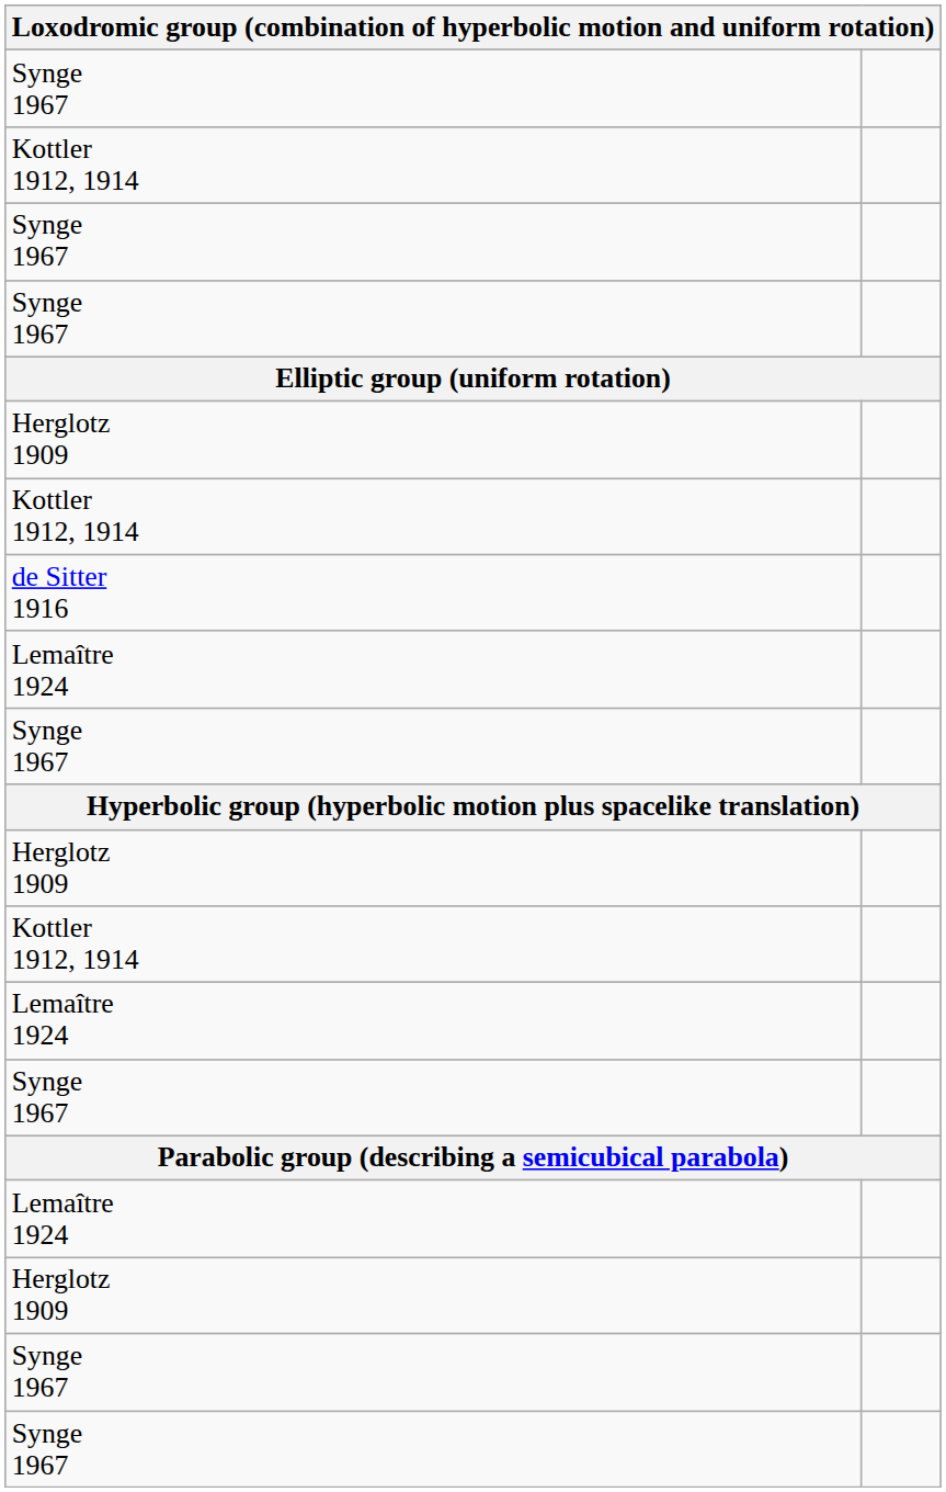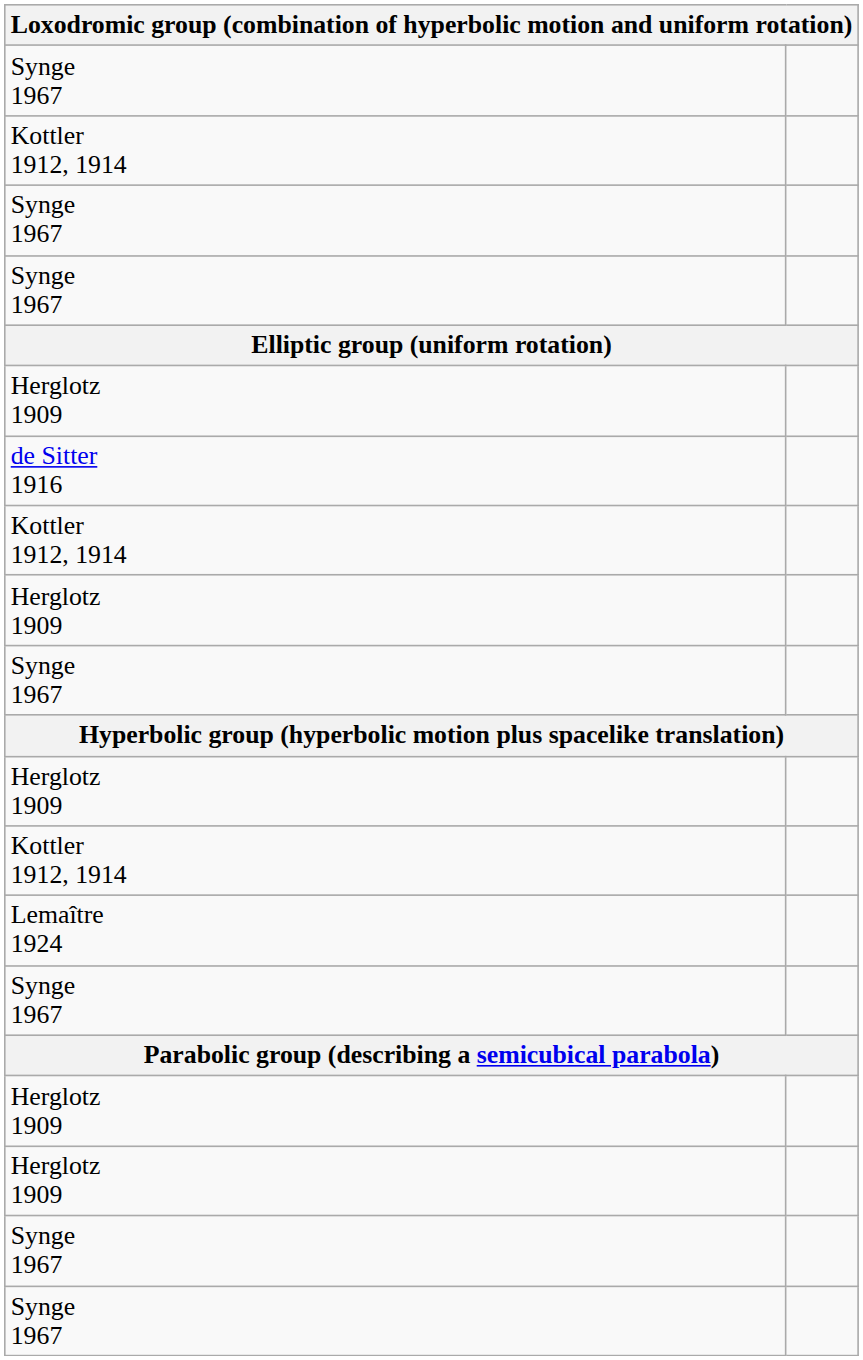 <table class="wikitable">
 <tr>
 <th colspan="2">Loxodromic group (combination of hyperbolic motion and uniform rotation)</th>
 </tr>
 <tr>
 <td>Synge<br>1967</td>
 <td></td>
 </tr>
 <tr>
 <td>Kottler<br>1912, 1914</td>
 <td></td>
 </tr>
 <tr>
 <td>Synge<br>1967</td>
 <td></td>
 </tr>
 <tr>
 <td>Synge<br>1967</td>
 <td></td>
 </tr>
 <tr>
 <th colspan="2">Elliptic group (uniform rotation)</th>
 </tr>
 <tr>
 <td>Herglotz<br>1909</td>
 <td></td>
 </tr>
 <tr>
+<td><a href='#'>de Sitter</a><br>1916</td>
+<td></td>
+</tr>
+<tr>
 <td>Kottler<br>1912, 1914</td>
 <td></td>
 </tr>
 <tr>
-<td><a href='#'>de Sitter</a><br>1916</td>
-<td></td>
-</tr>
-<tr>
-<td>Lemaître<br>1924</td>
+<td>Herglotz<br>1909</td>
 <td></td>
 </tr>
 <tr>
 <td>Synge<br>1967</td>
 <td></td>
 </tr>
 <tr>
 <th colspan="2">Hyperbolic group (hyperbolic motion plus spacelike translation)</th>
 </tr>
 <tr>
 <td>Herglotz<br>1909</td>
 <td></td>
 </tr>
 <tr>
 <td>Kottler<br>1912, 1914</td>
 <td></td>
 </tr>
 <tr>
 <td>Lemaître<br>1924</td>
 <td></td>
 </tr>
 <tr>
 <td>Synge<br>1967</td>
 <td></td>
 </tr>
 <tr>
 <th colspan="2">Parabolic group (describing a <a href='#'>semicubical parabola</a>)</th>
 </tr>
 <tr>
-<td>Lemaître<br>1924</td>
+<td>Herglotz<br>1909</td>
 <td></td>
 </tr>
 <tr>
 <td>Herglotz<br>1909</td>
 <td></td>
 </tr>
 <tr>
 <td>Synge<br>1967</td>
 <td></td>
 </tr>
 <tr>
 <td>Synge<br>1967</td>
 <td></td>
 </tr>
 </table>
